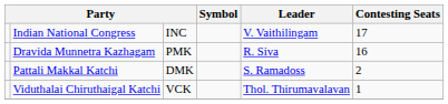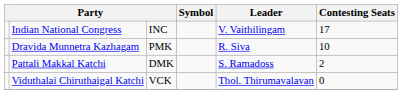 <table class="wikitable">
 <tr>
 <th colspan="3">Party</th>
 <th>Symbol</th>
 <th>Leader</th>
 <th>Contesting Seats</th>
 </tr>
 <tr>
 <td></td>
 <td><a href='#'>Indian National Congress</a></td>
 <td>INC</td>
 <td></td>
 <td><a href='#'>V. Vaithilingam</a></td>
 <td>17</td>
 </tr>
 <tr>
 <td></td>
 <td><a href='#'>Dravida Munnetra Kazhagam</a></td>
 <td>PMK</td>
 <td></td>
 <td><a href='#'>R. Siva</a></td>
-<td>16</td>
+<td>10</td>
 </tr>
 <tr>
 <td></td>
 <td><a href='#'>Pattali Makkal Katchi</a></td>
 <td>DMK</td>
 <td></td>
 <td><a href='#'>S. Ramadoss</a></td>
 <td>2</td>
 </tr>
 <tr>
 <td></td>
 <td><a href='#'>Viduthalai Chiruthaigal Katchi</a></td>
 <td>VCK</td>
 <td></td>
 <td><a href='#'>Thol. Thirumavalavan</a></td>
-<td>1</td>
+<td>0</td>
 </tr>
 <tr>
 </tr>
 </table>
